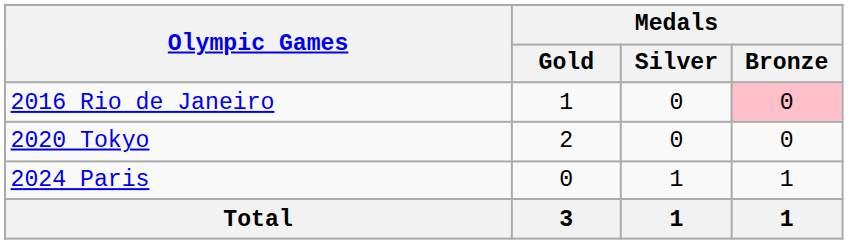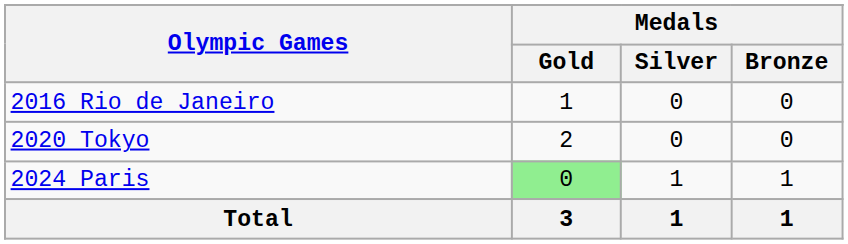 <table class="wikitable collapsible" cellspacing="2" style="margin-top:7px; margin-right:0; text-align:center; font-size:90%;">
 <tr style="font-size:100%; text-align:right;">
 </tr>
 <tr>
 <th rowspan=2 style="width:250px;"><a href='#'>Olympic Games</a></th>
 <th colspan=3>Medals</th>
 </tr>
 <tr>
 <th style="width:50px;">Gold</th>
 <th style="width:50px;">Silver</th>
 <th style="width:50px;">Bronze</th>
 </tr>
 <tr>
 <td align=left> <a href='#'>2016 Rio de Janeiro</a></td>
 <td>1</td>
 <td>0</td>
-<td style="background: pink;">0</td>
+<td>0</td>
 </tr>
 <tr>
 <td align=left> <a href='#'>2020 Tokyo</a></td>
 <td>2</td>
 <td>0</td>
 <td>0</td>
 </tr>
 <tr>
 <td align=left> <a href='#'>2024 Paris</a></td>
-<td>0</td>
+<td style="background: lightgreen;">0</td>
 <td>1</td>
 <td>1</td>
 </tr>
 <tr>
 <th>Total</th>
 <th>3</th>
 <th>1</th>
 <th>1</th>
 </tr>
 </table>
